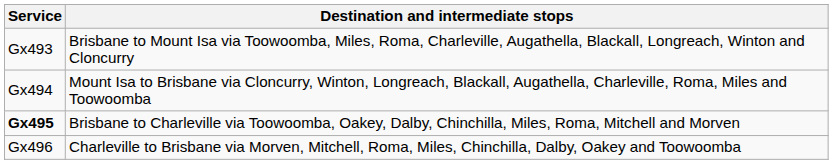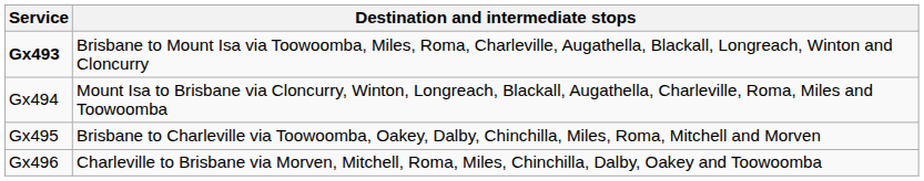 <table class="wikitable">
 <tr>
 <th>Service</th>
 <th>Destination and intermediate stops</th>
 </tr>
 <tr>
-<td>Gx493</td>
+<td><strong>Gx493</strong></td>
 <td>Brisbane to Mount Isa via Toowoomba, Miles, Roma, Charleville, Augathella, Blackall, Longreach, Winton and Cloncurry</td>
 </tr>
 <tr>
 <td>Gx494</td>
 <td>Mount Isa to Brisbane via Cloncurry, Winton, Longreach, Blackall, Augathella, Charleville, Roma, Miles and Toowoomba</td>
 </tr>
 <tr>
-<td><strong>Gx495</strong></td>
+<td>Gx495</td>
 <td>Brisbane to Charleville via Toowoomba, Oakey, Dalby, Chinchilla, Miles, Roma, Mitchell and Morven</td>
 </tr>
 <tr>
 <td>Gx496</td>
 <td>Charleville to Brisbane via Morven, Mitchell, Roma, Miles, Chinchilla, Dalby, Oakey and Toowoomba</td>
 </tr>
 </table>
